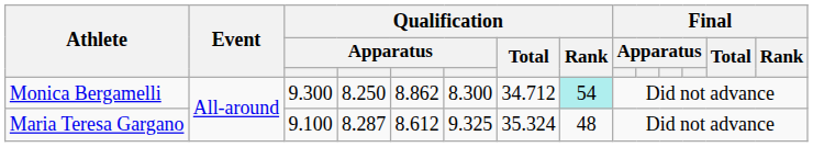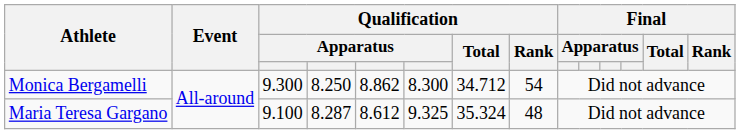 <table class="wikitable" style="font-size:90%">
 <tr>
 <th rowspan=3>Athlete</th>
 <th rowspan=3>Event</th>
 <th colspan=6>Qualification</th>
 <th colspan=6>Final</th>
 </tr>
 <tr style="font-size:95%">
 <th colspan=4>Apparatus</th>
 <th rowspan=2>Total</th>
 <th rowspan=2>Rank</th>
 <th colspan=4>Apparatus</th>
 <th rowspan=2>Total</th>
 <th rowspan=2>Rank</th>
 </tr>
 <tr style="font-size:95%">
 <th></th>
 <th></th>
 <th></th>
 <th></th>
 <th></th>
 <th></th>
 <th></th>
 <th></th>
 </tr>
 <tr align=center>
 <td align=left><a href='#'>Monica Bergamelli</a></td>
 <td align=left rowspan=2><a href='#'>All-around</a></td>
 <td>9.300</td>
 <td>8.250</td>
 <td>8.862</td>
 <td>8.300</td>
 <td>34.712</td>
-<td style="background: paleturquoise;">54</td>
+<td>54</td>
 <td colspan=6>Did not advance</td>
 </tr>
 <tr align=center>
 <td align=left><a href='#'>Maria Teresa Gargano</a></td>
 <td>9.100</td>
 <td>8.287</td>
 <td>8.612</td>
 <td>9.325</td>
 <td>35.324</td>
 <td>48</td>
 <td colspan=6>Did not advance</td>
 </tr>
 </table>
